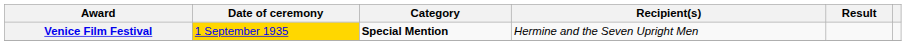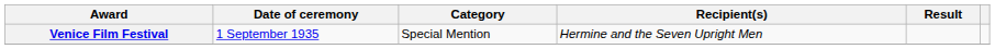 <table class="wikitable sortable plainrowheaders" style="width: 100%;">
 <tr>
 <th scope="col">Award</th>
 <th scope="col">Date of ceremony</th>
 <th scope="col">Category</th>
 <th scope="col">Recipient(s)</th>
 <th scope="col">Result</th>
 <th scope="col" class="unsortable"></th>
 </tr>
 <tr>
 <th><a href='#'>Venice Film Festival</a></th>
-<td style="background: gold;"><a href='#'>1 September 1935</a></td>
-<td><strong>Special Mention</strong></td>
+<td><a href='#'>1 September 1935</a></td>
+<td>Special Mention</td>
 <td><em>Hermine and the Seven Upright Men</em></td>
 <td></td>
 <td></td>
 </tr>
 <tr>
 </tr>
 </table>
